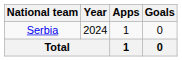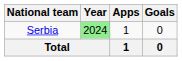 <table class="wikitable" style="text-align:center">
 <tr>
 <th>National team</th>
 <th>Year</th>
 <th>Apps</th>
 <th>Goals</th>
 </tr>
 <tr>
 <td><a href='#'>Serbia</a></td>
-<td>2024</td>
+<td style="background: lightgreen;">2024</td>
 <td>1</td>
 <td>0</td>
 </tr>
 <tr>
 <th colspan="2">Total</th>
 <th>1</th>
 <th>0</th>
 </tr>
 </table>
